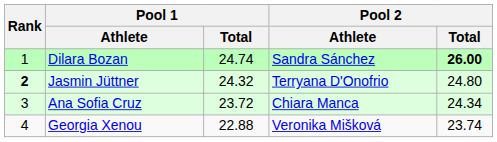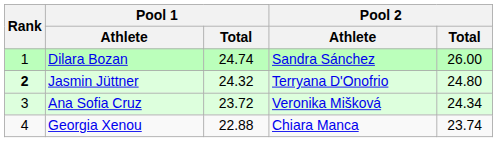 <table class="wikitable" style="text-align:center;">
 <tr>
 <th rowspan=2>Rank</th>
 <th colspan=2 width=250>Pool 1</th>
 <th colspan=2 width=250>Pool 2</th>
 </tr>
 <tr>
 <th>Athlete</th>
 <th>Total</th>
 <th>Athlete</th>
 <th>Total</th>
 </tr>
 <tr bgcolor=bbffbb>
 <td>1</td>
 <td align=left> <a href='#'>Dilara Bozan</a></td>
 <td>24.74</td>
 <td align=left> <a href='#'>Sandra Sánchez</a></td>
-<td><strong>26.00</strong></td>
+<td>26.00</td>
 </tr>
 <tr bgcolor=ddffdd>
 <td><strong>2</strong></td>
 <td align=left> <a href='#'>Jasmin Jüttner</a></td>
 <td>24.32</td>
 <td align=left> <a href='#'>Terryana D'Onofrio</a></td>
 <td>24.80</td>
 </tr>
 <tr bgcolor=ddffdd>
 <td>3</td>
 <td align=left> <a href='#'>Ana Sofia Cruz</a></td>
 <td>23.72</td>
-<td align=left> <a href='#'>Chiara Manca</a></td>
+<td align=left> <a href='#'>Veronika Mišková</a></td>
 <td>24.34</td>
 </tr>
 <tr>
 <td>4</td>
 <td align=left> <a href='#'>Georgia Xenou</a></td>
 <td>22.88</td>
-<td align=left> <a href='#'>Veronika Mišková</a></td>
+<td align=left> <a href='#'>Chiara Manca</a></td>
 <td>23.74</td>
 </tr>
 </table>
